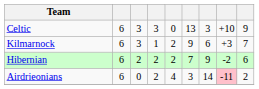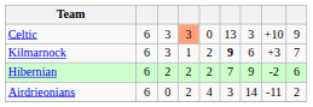 <table class="wikitable" style="text-align:center;">
 <tr>
 <th width=165>Team</th>
 <th width=20></th>
 <th width=20></th>
 <th width=20></th>
 <th width=20></th>
 <th width=20></th>
 <th width=20></th>
 <th width=20></th>
 <th width=20></th>
 </tr>
 <tr>
 <td align="left"><a href='#'>Celtic</a></td>
 <td>6</td>
 <td>3</td>
-<td>3</td>
+<td style="background: lightsalmon;">3</td>
 <td>0</td>
 <td>13</td>
 <td>3</td>
 <td>+10</td>
 <td>9</td>
 </tr>
 <tr>
 <td align="left"><a href='#'>Kilmarnock</a></td>
 <td>6</td>
 <td>3</td>
 <td>1</td>
 <td>2</td>
-<td>9</td>
+<td><strong>9</strong></td>
 <td>6</td>
 <td>+3</td>
 <td>7</td>
 </tr>
 <tr style="background:#cfc;">
 <td align="left"><a href='#'>Hibernian</a></td>
 <td>6</td>
 <td>2</td>
 <td>2</td>
 <td>2</td>
 <td>7</td>
 <td>9</td>
 <td>-2</td>
 <td>6</td>
 </tr>
 <tr>
 <td align="left"><a href='#'>Airdrieonians</a></td>
 <td>6</td>
 <td>0</td>
 <td>2</td>
 <td>4</td>
 <td>3</td>
 <td>14</td>
-<td style="background: pink;">-11</td>
+<td>-11</td>
 <td>2</td>
 </tr>
 <tr>
 </tr>
 </table>
